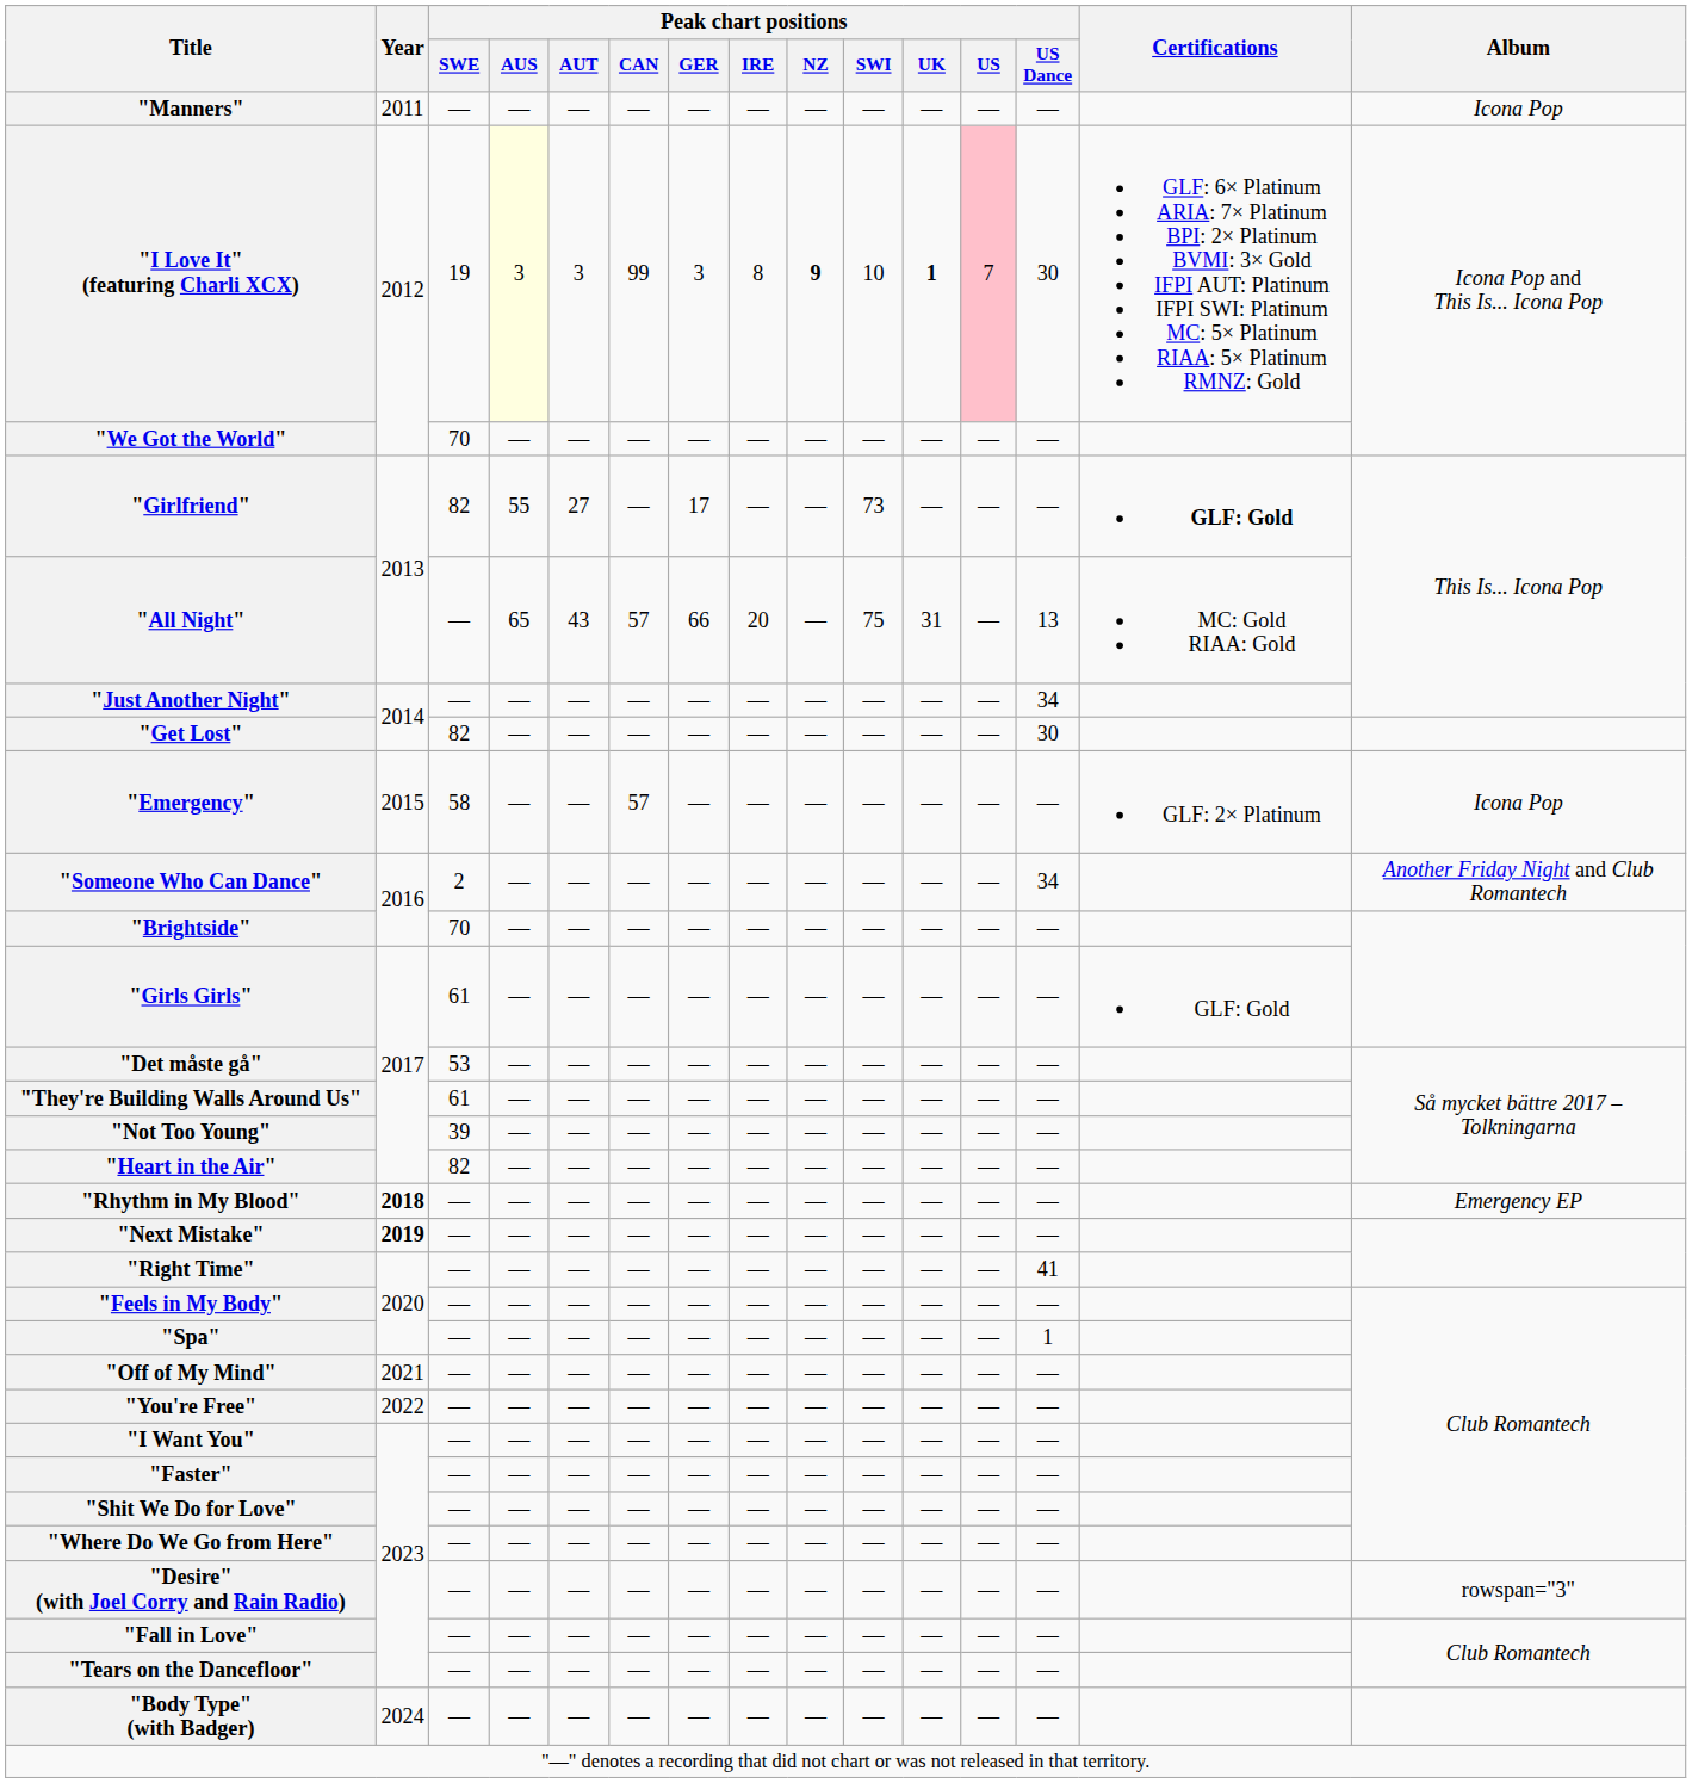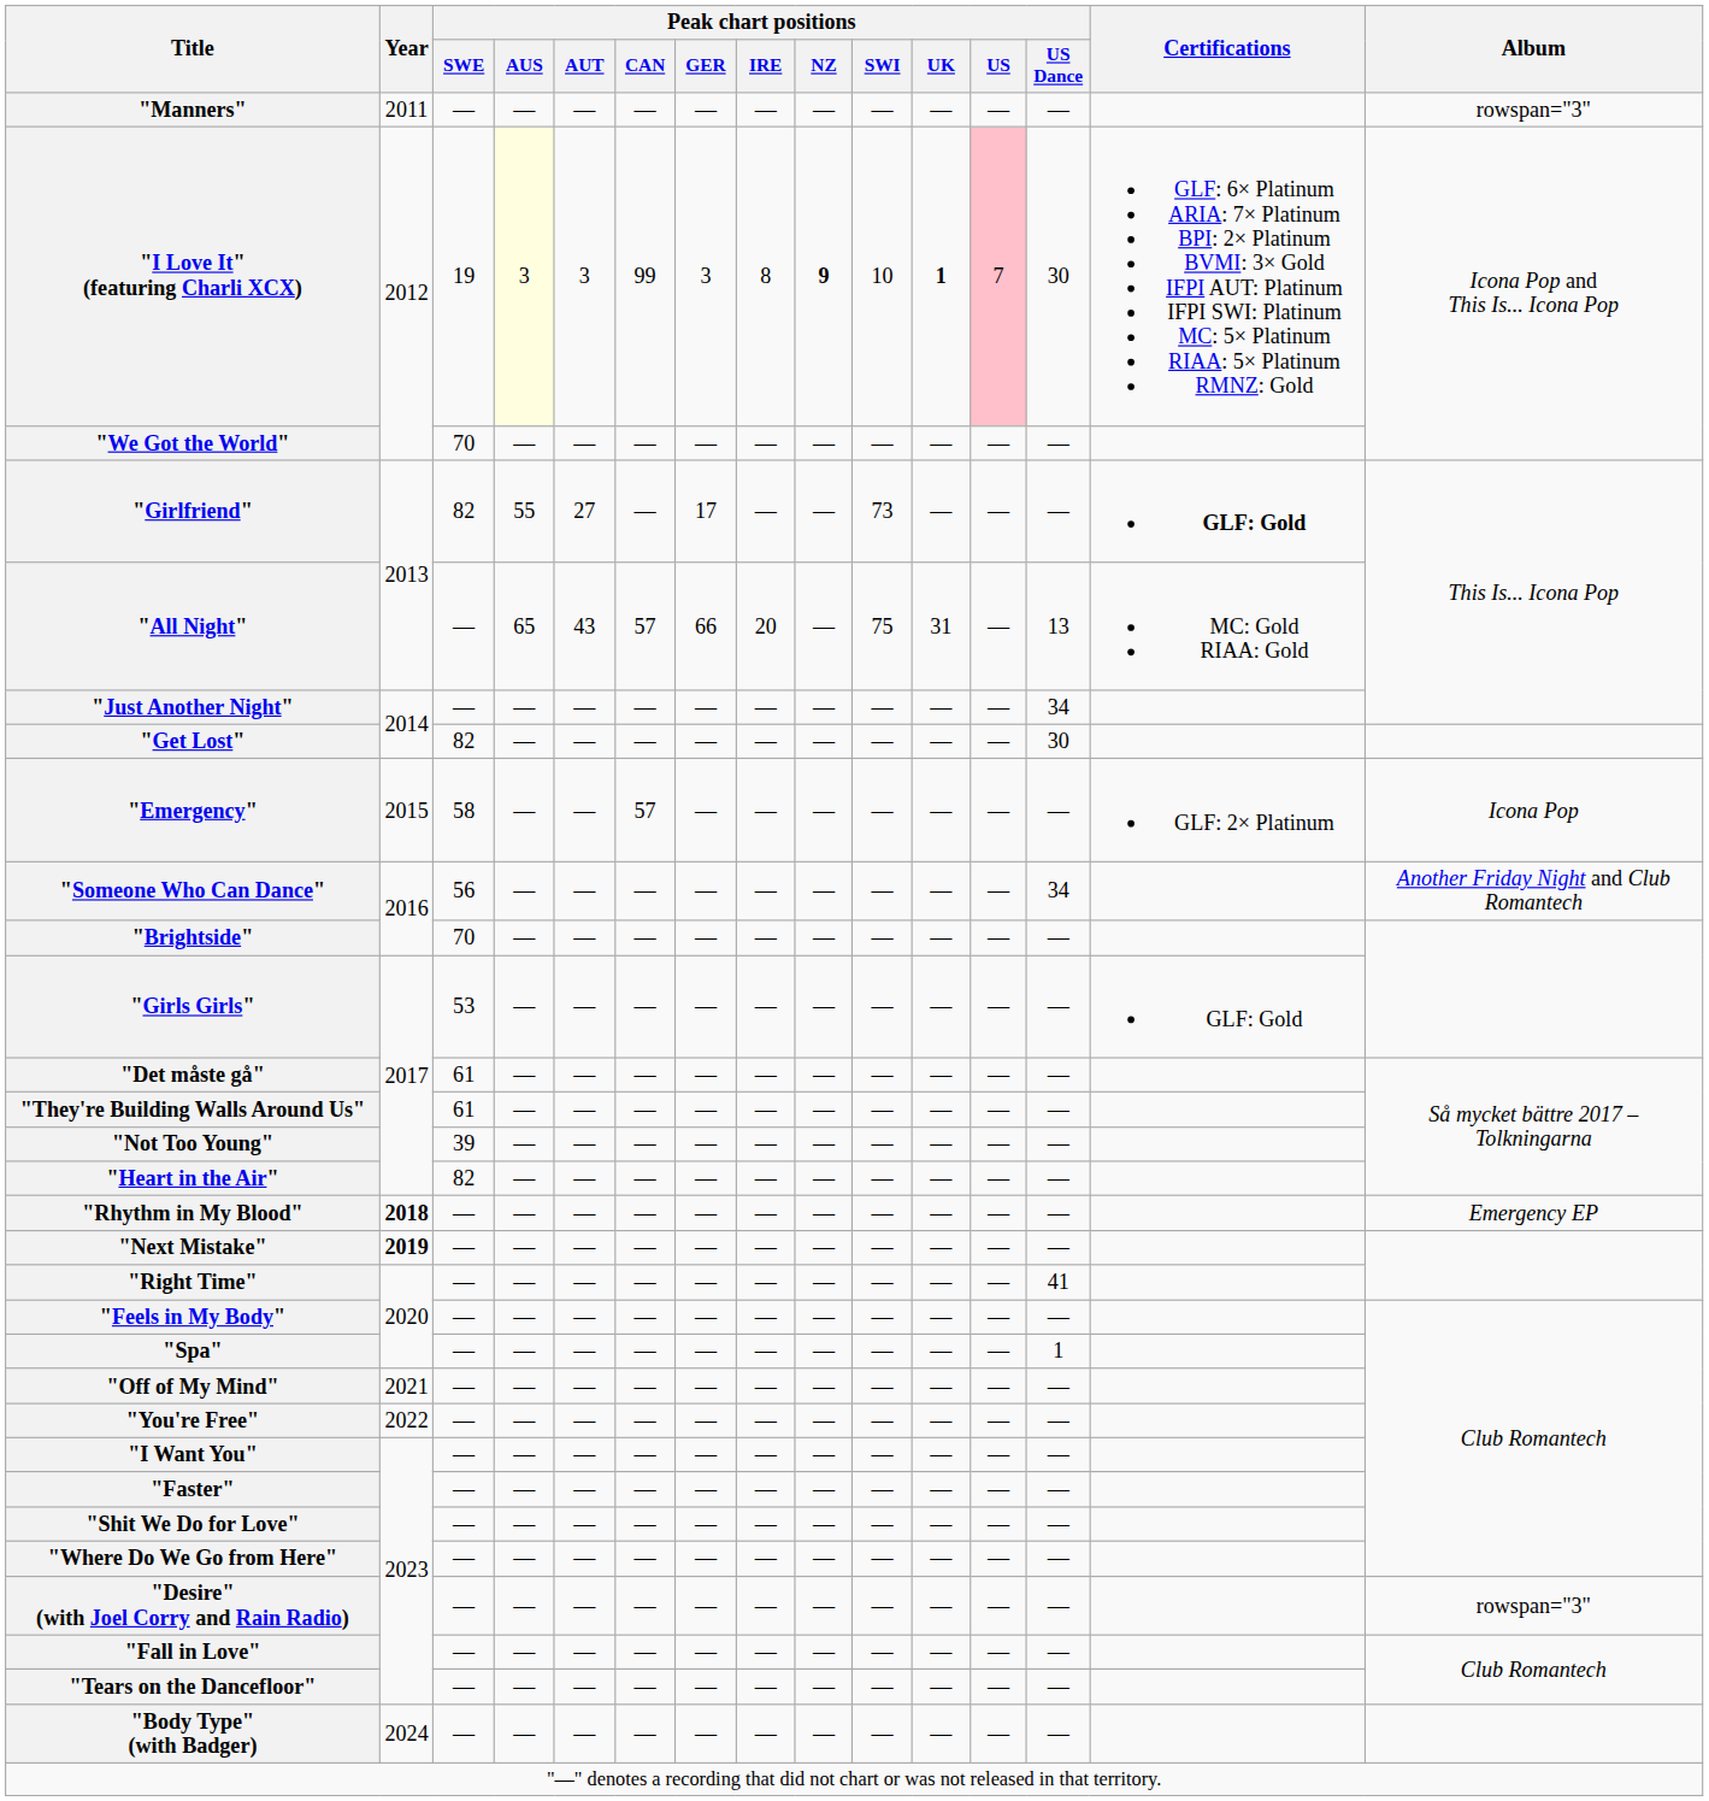 <table class="wikitable plainrowheaders" style="text-align:center;" border="1">
 <tr>
 <th scope="col" rowspan="2" style="width:20em;">Title</th>
 <th scope="col" rowspan="2" style="width:1em;">Year</th>
 <th scope="col" colspan="11">Peak chart positions</th>
 <th scope="col" rowspan="2" style="width:14em;"><a href='#'>Certifications</a></th>
 <th scope="col" rowspan="2" style="width:18em;">Album</th>
 </tr>
 <tr>
 <th scope="col" style="width:3em;font-size:85%;"><a href='#'>SWE</a><br></th>
 <th scope="col" style="width:3em;font-size:85%;"><a href='#'>AUS</a><br></th>
 <th scope="col" style="width:3em;font-size:85%;"><a href='#'>AUT</a><br></th>
 <th scope="col" style="width:3em;font-size:85%;"><a href='#'>CAN</a><br></th>
 <th scope="col" style="width:3em;font-size:85%;"><a href='#'>GER</a><br></th>
 <th scope="col" style="width:3em;font-size:85%;"><a href='#'>IRE</a><br></th>
 <th scope="col" style="width:3em;font-size:85%;"><a href='#'>NZ</a><br></th>
 <th scope="col" style="width:3em;font-size:85%;"><a href='#'>SWI</a><br></th>
 <th scope="col" style="width:3em;font-size:85%;"><a href='#'>UK</a><br></th>
 <th scope="col" style="width:3em;font-size:85%;"><a href='#'>US</a><br></th>
 <th scope="col" style="width:3em;font-size:85%;"><a href='#'>US<br>Dance</a><br></th>
 </tr>
 <tr>
 <th scope="row">"Manners"</th>
 <td>2011</td>
 <td>—</td>
 <td>—</td>
 <td>—</td>
 <td>—</td>
 <td>—</td>
 <td>—</td>
 <td>—</td>
 <td>—</td>
 <td>—</td>
 <td>—</td>
 <td>—</td>
 <td></td>
-<td><em>Icona Pop</em></td>
+<td>rowspan="3" </td>
 </tr>
 <tr>
 <th scope="row">"<a href='#'>I Love It</a>"<br><span>(featuring <a href='#'>Charli XCX</a>)</span></th>
 <td rowspan="2">2012</td>
 <td>19</td>
 <td style="background: lightyellow;">3</td>
 <td>3</td>
 <td>99</td>
 <td>3</td>
 <td>8</td>
 <td><strong>9</strong></td>
 <td>10</td>
 <td><strong>1</strong></td>
 <td style="background: pink;">7</td>
 <td>30</td>
 <td><br><ul><li><a href='#'>GLF</a>: 6× Platinum</li><li><a href='#'>ARIA</a>: 7× Platinum</li><li><a href='#'>BPI</a>: 2× Platinum</li><li><a href='#'>BVMI</a>: 3× Gold</li><li><a href='#'>IFPI</a> AUT: Platinum</li><li>IFPI SWI: Platinum</li><li><a href='#'>MC</a>: 5× Platinum</li><li><a href='#'>RIAA</a>: 5× Platinum</li><li><a href='#'>RMNZ</a>: Gold</li></ul></td>
 <td rowspan="2"><em>Icona Pop</em> and<br><em>This Is... Icona Pop</em></td>
 </tr>
 <tr>
 <th scope="row">"<a href='#'>We Got the World</a>"</th>
 <td>70</td>
 <td>—</td>
 <td>—</td>
 <td>—</td>
 <td>—</td>
 <td>—</td>
 <td>—</td>
 <td>—</td>
 <td>—</td>
 <td>—</td>
 <td>—</td>
 <td></td>
 </tr>
 <tr>
 <th scope="row">"<a href='#'>Girlfriend</a>"</th>
 <td rowspan="2">2013</td>
 <td>82</td>
 <td>55</td>
 <td>27</td>
 <td>—</td>
 <td>17</td>
 <td>—</td>
 <td>—</td>
 <td>73</td>
 <td>—</td>
 <td>—</td>
 <td>—</td>
 <td><strong><br><ul><li>GLF: Gold</li></ul></strong></td>
 <td rowspan="3"><em>This Is... Icona Pop</em></td>
 </tr>
 <tr>
 <th scope="row">"<a href='#'>All Night</a>"</th>
 <td>—</td>
 <td>65</td>
 <td>43</td>
 <td>57</td>
 <td>66</td>
 <td>20</td>
 <td>—</td>
 <td>75</td>
 <td>31</td>
 <td>—</td>
 <td>13</td>
 <td><br><ul><li>MC: Gold</li><li>RIAA: Gold</li></ul></td>
 </tr>
 <tr>
 <th scope="row">"<a href='#'>Just Another Night</a>"</th>
 <td rowspan="2">2014</td>
 <td>—</td>
 <td>—</td>
 <td>—</td>
 <td>—</td>
 <td>—</td>
 <td>—</td>
 <td>—</td>
 <td>—</td>
 <td>—</td>
 <td>—</td>
 <td>34</td>
 <td></td>
 </tr>
 <tr>
 <th scope="row">"<a href='#'>Get Lost</a>"</th>
 <td>82</td>
 <td>—</td>
 <td>—</td>
 <td>—</td>
 <td>—</td>
 <td>—</td>
 <td>—</td>
 <td>—</td>
 <td>—</td>
 <td>—</td>
 <td>30</td>
 <td></td>
 <td></td>
 </tr>
 <tr>
 <th scope="row">"<a href='#'>Emergency</a>"</th>
 <td>2015</td>
 <td>58</td>
 <td>—</td>
 <td>—</td>
 <td>57</td>
 <td>—</td>
 <td>—</td>
 <td>—</td>
 <td>—</td>
 <td>—</td>
 <td>—</td>
 <td>—</td>
 <td><br><ul><li>GLF: 2× Platinum</li></ul></td>
 <td><em>Icona Pop</em></td>
 </tr>
 <tr>
 <th scope="row">"<a href='#'>Someone Who Can Dance</a>"</th>
 <td rowspan="2">2016</td>
-<td>2</td>
+<td>56</td>
 <td>—</td>
 <td>—</td>
 <td>—</td>
 <td>—</td>
 <td>—</td>
 <td>—</td>
 <td>—</td>
 <td>—</td>
 <td>—</td>
 <td>34</td>
 <td></td>
 <td><em><a href='#'>Another Friday Night</a></em> and <em>Club Romantech</em></td>
 </tr>
 <tr>
 <th scope="row">"<a href='#'>Brightside</a>"</th>
 <td>70</td>
 <td>—</td>
 <td>—</td>
 <td>—</td>
 <td>—</td>
 <td>—</td>
 <td>—</td>
 <td>—</td>
 <td>—</td>
 <td>—</td>
 <td>—</td>
 <td></td>
 </tr>
 <tr>
 <th scope="row">"<a href='#'>Girls Girls</a>"</th>
 <td rowspan="5">2017</td>
-<td>61</td>
+<td>53</td>
 <td>—</td>
 <td>—</td>
 <td>—</td>
 <td>—</td>
 <td>—</td>
 <td>—</td>
 <td>—</td>
 <td>—</td>
 <td>—</td>
 <td>—</td>
 <td><br><ul><li>GLF: Gold</li></ul></td>
 </tr>
 <tr>
 <th scope="row">"Det måste gå"</th>
-<td>53</td>
+<td>61</td>
 <td>—</td>
 <td>—</td>
 <td>—</td>
 <td>—</td>
 <td>—</td>
 <td>—</td>
 <td>—</td>
 <td>—</td>
 <td>—</td>
 <td>—</td>
 <td></td>
 <td rowspan="4"><em>Så mycket bättre 2017 – Tolkningarna</em></td>
 </tr>
 <tr>
 <th scope="row">"They're Building Walls Around Us"</th>
 <td>61</td>
 <td>—</td>
 <td>—</td>
 <td>—</td>
 <td>—</td>
 <td>—</td>
 <td>—</td>
 <td>—</td>
 <td>—</td>
 <td>—</td>
 <td>—</td>
 <td></td>
 </tr>
 <tr>
 <th scope="row">"Not Too Young"</th>
 <td>39</td>
 <td>—</td>
 <td>—</td>
 <td>—</td>
 <td>—</td>
 <td>—</td>
 <td>—</td>
 <td>—</td>
 <td>—</td>
 <td>—</td>
 <td>—</td>
 <td></td>
 </tr>
 <tr>
 <th scope="row">"<a href='#'>Heart in the Air</a>"</th>
 <td>82</td>
 <td>—</td>
 <td>—</td>
 <td>—</td>
 <td>—</td>
 <td>—</td>
 <td>—</td>
 <td>—</td>
 <td>—</td>
 <td>—</td>
 <td>—</td>
 <td></td>
 </tr>
 <tr>
 <th scope="row">"Rhythm in My Blood"</th>
 <td><strong>2018</strong></td>
 <td>—</td>
 <td>—</td>
 <td>—</td>
 <td>—</td>
 <td>—</td>
 <td>—</td>
 <td>—</td>
 <td>—</td>
 <td>—</td>
 <td>—</td>
 <td>—</td>
 <td></td>
 <td><em>Emergency EP</em></td>
 </tr>
 <tr>
 <th scope="row">"Next Mistake"</th>
 <td><strong>2019</strong></td>
 <td>—</td>
 <td>—</td>
 <td>—</td>
 <td>—</td>
 <td>—</td>
 <td>—</td>
 <td>—</td>
 <td>—</td>
 <td>—</td>
 <td>—</td>
 <td>—</td>
 <td></td>
 </tr>
 <tr>
 <th scope="row">"Right Time"<br></th>
 <td rowspan="3">2020</td>
 <td>—</td>
 <td>—</td>
 <td>—</td>
 <td>—</td>
 <td>—</td>
 <td>—</td>
 <td>—</td>
 <td>—</td>
 <td>—</td>
 <td>—</td>
 <td>41</td>
 <td></td>
 </tr>
 <tr>
 <th scope="row">"<a href='#'>Feels in My Body</a>"</th>
 <td>—</td>
 <td>—</td>
 <td>—</td>
 <td>—</td>
 <td>—</td>
 <td>—</td>
 <td>—</td>
 <td>—</td>
 <td>—</td>
 <td>—</td>
 <td>—</td>
 <td></td>
 <td rowspan="8"><em>Club Romantech</em></td>
 </tr>
 <tr>
 <th scope="row">"Spa"<br></th>
 <td>—</td>
 <td>—</td>
 <td>—</td>
 <td>—</td>
 <td>—</td>
 <td>—</td>
 <td>—</td>
 <td>—</td>
 <td>—</td>
 <td>—</td>
 <td>1</td>
 <td></td>
 </tr>
 <tr>
 <th scope="row">"Off of My Mind"<br></th>
 <td>2021</td>
 <td>—</td>
 <td>—</td>
 <td>—</td>
 <td>—</td>
 <td>—</td>
 <td>—</td>
 <td>—</td>
 <td>—</td>
 <td>—</td>
 <td>—</td>
 <td>—</td>
 <td></td>
 </tr>
 <tr>
 <th scope="row">"You're Free"<br></th>
 <td>2022</td>
 <td>—</td>
 <td>—</td>
 <td>—</td>
 <td>—</td>
 <td>—</td>
 <td>—</td>
 <td>—</td>
 <td>—</td>
 <td>—</td>
 <td>—</td>
 <td>—</td>
 <td></td>
 </tr>
 <tr>
 <th scope="row">"I Want You"<br></th>
 <td rowspan="7">2023</td>
 <td>—</td>
 <td>—</td>
 <td>—</td>
 <td>—</td>
 <td>—</td>
 <td>—</td>
 <td>—</td>
 <td>—</td>
 <td>—</td>
 <td>—</td>
 <td>—</td>
 <td></td>
 </tr>
 <tr>
 <th scope="row">"Faster"</th>
 <td>—</td>
 <td>—</td>
 <td>—</td>
 <td>—</td>
 <td>—</td>
 <td>—</td>
 <td>—</td>
 <td>—</td>
 <td>—</td>
 <td>—</td>
 <td>—</td>
 <td></td>
 </tr>
 <tr>
 <th scope="row">"Shit We Do for Love"<br></th>
 <td>—</td>
 <td>—</td>
 <td>—</td>
 <td>—</td>
 <td>—</td>
 <td>—</td>
 <td>—</td>
 <td>—</td>
 <td>—</td>
 <td>—</td>
 <td>—</td>
 <td></td>
 </tr>
 <tr>
 <th scope="row">"Where Do We Go from Here"</th>
 <td>—</td>
 <td>—</td>
 <td>—</td>
 <td>—</td>
 <td>—</td>
 <td>—</td>
 <td>—</td>
 <td>—</td>
 <td>—</td>
 <td>—</td>
 <td>—</td>
 <td></td>
 </tr>
 <tr>
 <th scope="row">"Desire"<br><span>(with <a href='#'>Joel Corry</a> and <a href='#'>Rain Radio</a>)</span></th>
 <td>—</td>
 <td>—</td>
 <td>—</td>
 <td>—</td>
 <td>—</td>
 <td>—</td>
 <td>—</td>
 <td>—</td>
 <td>—</td>
 <td>—</td>
 <td>—</td>
 <td></td>
 <td>rowspan="3" </td>
 </tr>
 <tr>
 <th scope="row">"Fall in Love"</th>
 <td>—</td>
 <td>—</td>
 <td>—</td>
 <td>—</td>
 <td>—</td>
 <td>—</td>
 <td>—</td>
 <td>—</td>
 <td>—</td>
 <td>—</td>
 <td>—</td>
 <td></td>
 <td rowspan="2"><em>Club Romantech</em></td>
 </tr>
 <tr>
 <th scope="row">"Tears on the Dancefloor"</th>
 <td>—</td>
 <td>—</td>
 <td>—</td>
 <td>—</td>
 <td>—</td>
 <td>—</td>
 <td>—</td>
 <td>—</td>
 <td>—</td>
 <td>—</td>
 <td>—</td>
 <td></td>
 </tr>
 <tr>
 <th scope="row">"Body Type"<br><span>(with Badger)</span></th>
 <td>2024</td>
 <td>—</td>
 <td>—</td>
 <td>—</td>
 <td>—</td>
 <td>—</td>
 <td>—</td>
 <td>—</td>
 <td>—</td>
 <td>—</td>
 <td>—</td>
 <td>—</td>
 <td></td>
 <td></td>
 </tr>
 <tr>
 <td colspan="15" style="font-size:90%">"—" denotes a recording that did not chart or was not released in that territory.</td>
 </tr>
 </table>
